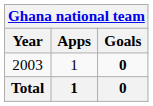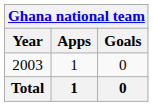 <table class="wikitable" style="text-align:center">
 <tr>
 <th colspan=3><a href='#'>Ghana national team</a></th>
 </tr>
 <tr>
 <th>Year</th>
 <th>Apps</th>
 <th>Goals</th>
 </tr>
 <tr>
 <td>2003</td>
 <td>1</td>
-<td><strong>0</strong></td>
+<td>0</td>
 </tr>
 <tr>
 <th>Total</th>
 <th>1</th>
 <th>0</th>
 </tr>
 </table>
